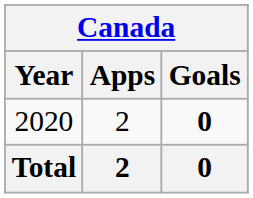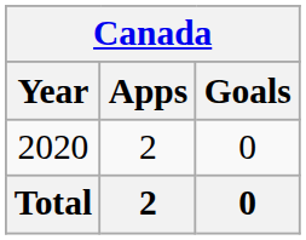 <table class="wikitable" style="text-align:center">
 <tr>
 <th colspan=3><a href='#'>Canada</a></th>
 </tr>
 <tr>
 <th>Year</th>
 <th>Apps</th>
 <th>Goals</th>
 </tr>
 <tr>
 <td>2020</td>
 <td>2</td>
-<td><strong>0</strong></td>
+<td>0</td>
 </tr>
 <tr>
 <th>Total</th>
 <th>2</th>
 <th>0</th>
 </tr>
 </table>
